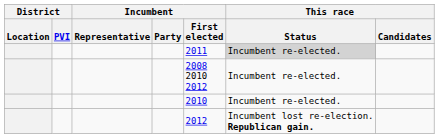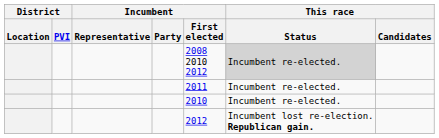 <table class="wikitable sortable">
 <tr valign=bottom>
 <th colspan=2>District</th>
 <th colspan=3>Incumbent</th>
 <th colspan=2>This race</th>
 </tr>
 <tr valign=bottom>
 <th>Location</th>
 <th><a href='#'>PVI</a></th>
 <th>Representative</th>
 <th>Party</th>
 <th>First<br>elected</th>
 <th>Status</th>
 <th>Candidates</th>
 </tr>
 <tr>
 <th></th>
 <td></td>
 <td></td>
 <td></td>
-<td><a href='#'>2011 </a></td>
+<td><a href='#'>2008</a><br>2010 <br><a href='#'>2012</a></td>
 <td style="background: lightgrey;">Incumbent re-elected.</td>
 <td nowrap></td>
 </tr>
 <tr>
 <th></th>
 <td></td>
 <td></td>
 <td></td>
-<td><a href='#'>2008</a><br>2010 <br><a href='#'>2012</a></td>
+<td><a href='#'>2011 </a></td>
 <td>Incumbent re-elected.</td>
 <td nowrap></td>
 </tr>
 <tr>
 <th></th>
 <td></td>
 <td></td>
 <td></td>
 <td><a href='#'>2010</a></td>
 <td>Incumbent re-elected.</td>
 <td nowrap></td>
 </tr>
 <tr>
 <th></th>
 <td></td>
 <td></td>
 <td></td>
 <td><a href='#'>2012</a></td>
 <td>Incumbent lost re-election.<br><strong>Republican gain.</strong></td>
 <td nowrap></td>
 </tr>
 </table>
